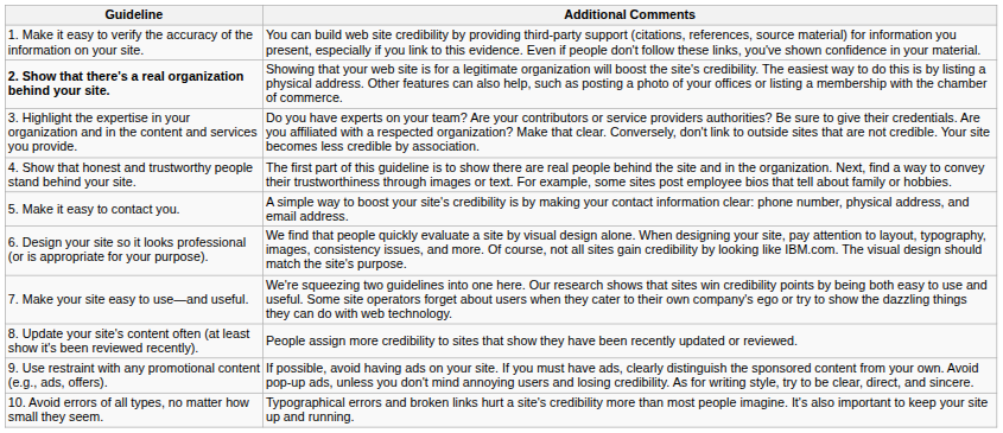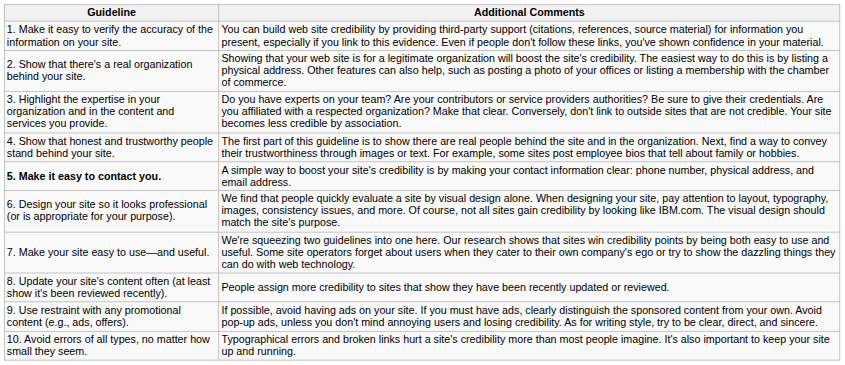 <table class="wikitable">
 <tr>
 <th>Guideline</th>
 <th>Additional Comments</th>
 </tr>
 <tr>
 <td>1.  Make it easy to verify the accuracy of the information on your site.</td>
 <td>You can build web site credibility by providing third-party support (citations, references, source material) for information you present, especially if you link to this evidence.  Even if people don't follow these links, you've shown confidence in your material.</td>
 </tr>
 <tr>
-<td><strong>2.  Show that there's a real organization behind your site.</strong></td>
+<td>2.  Show that there's a real organization behind your site.</td>
 <td>Showing that your web site is for a legitimate organization will boost the site's credibility.  The easiest way to do this is by listing a physical address.  Other features can also help, such as posting a photo of your offices or listing a membership with the chamber of commerce.</td>
 </tr>
 <tr>
 <td>3.  Highlight the expertise in your organization and in the content and services you provide.</td>
 <td>Do you have experts on your team?  Are your contributors or service providers authorities? Be sure to give their credentials.  Are you affiliated with a respected organization?  Make that clear.  Conversely, don't link to outside sites that are not credible.  Your site becomes less credible by association.</td>
 </tr>
 <tr>
 <td>4.  Show that honest and trustworthy people stand behind your site.</td>
 <td>The first part of this guideline is to show there are real people behind the site and in the organization.  Next, find a way to convey their trustworthiness through images or text.  For example, some sites post employee bios that tell about family or hobbies.</td>
 </tr>
 <tr>
-<td>5.  Make it easy to contact you.</td>
+<td><strong>5.  Make it easy to contact you.</strong></td>
 <td>A simple way to boost your site's credibility is by making your contact information clear: phone number, physical address, and email address.</td>
 </tr>
 <tr>
 <td>6.  Design your site so it looks professional (or is appropriate for your purpose).</td>
 <td>We find that people quickly evaluate a site by visual design alone.  When designing your site, pay attention to layout, typography, images, consistency issues, and more.  Of course, not all sites gain credibility by looking like IBM.com.  The visual design should match the site's purpose.</td>
 </tr>
 <tr>
 <td>7.  Make your site easy to use—and useful.</td>
 <td>We're squeezing two guidelines into one here.  Our research shows that sites win credibility points by being both easy to use and useful.  Some site operators forget about users when they cater to their own company's ego or try to show the dazzling things they can do with web technology.</td>
 </tr>
 <tr>
 <td>8.  Update your site's content often (at least show it's been reviewed recently).</td>
 <td>People assign more credibility to sites that show they have been recently updated or reviewed.</td>
 </tr>
 <tr>
 <td>9.  Use restraint with any promotional content (e.g., ads, offers).</td>
 <td>If possible, avoid having ads on your site.  If you must have ads, clearly distinguish the sponsored content from your own.  Avoid pop-up ads, unless you don't mind annoying users and losing credibility.  As for writing style, try to be clear, direct, and sincere.</td>
 </tr>
 <tr>
 <td>10.  Avoid errors of all types, no matter how small they seem.</td>
 <td>Typographical errors and broken links hurt a site's credibility more than most people imagine.  It's also important to keep your site up and running.</td>
 </tr>
 </table>
